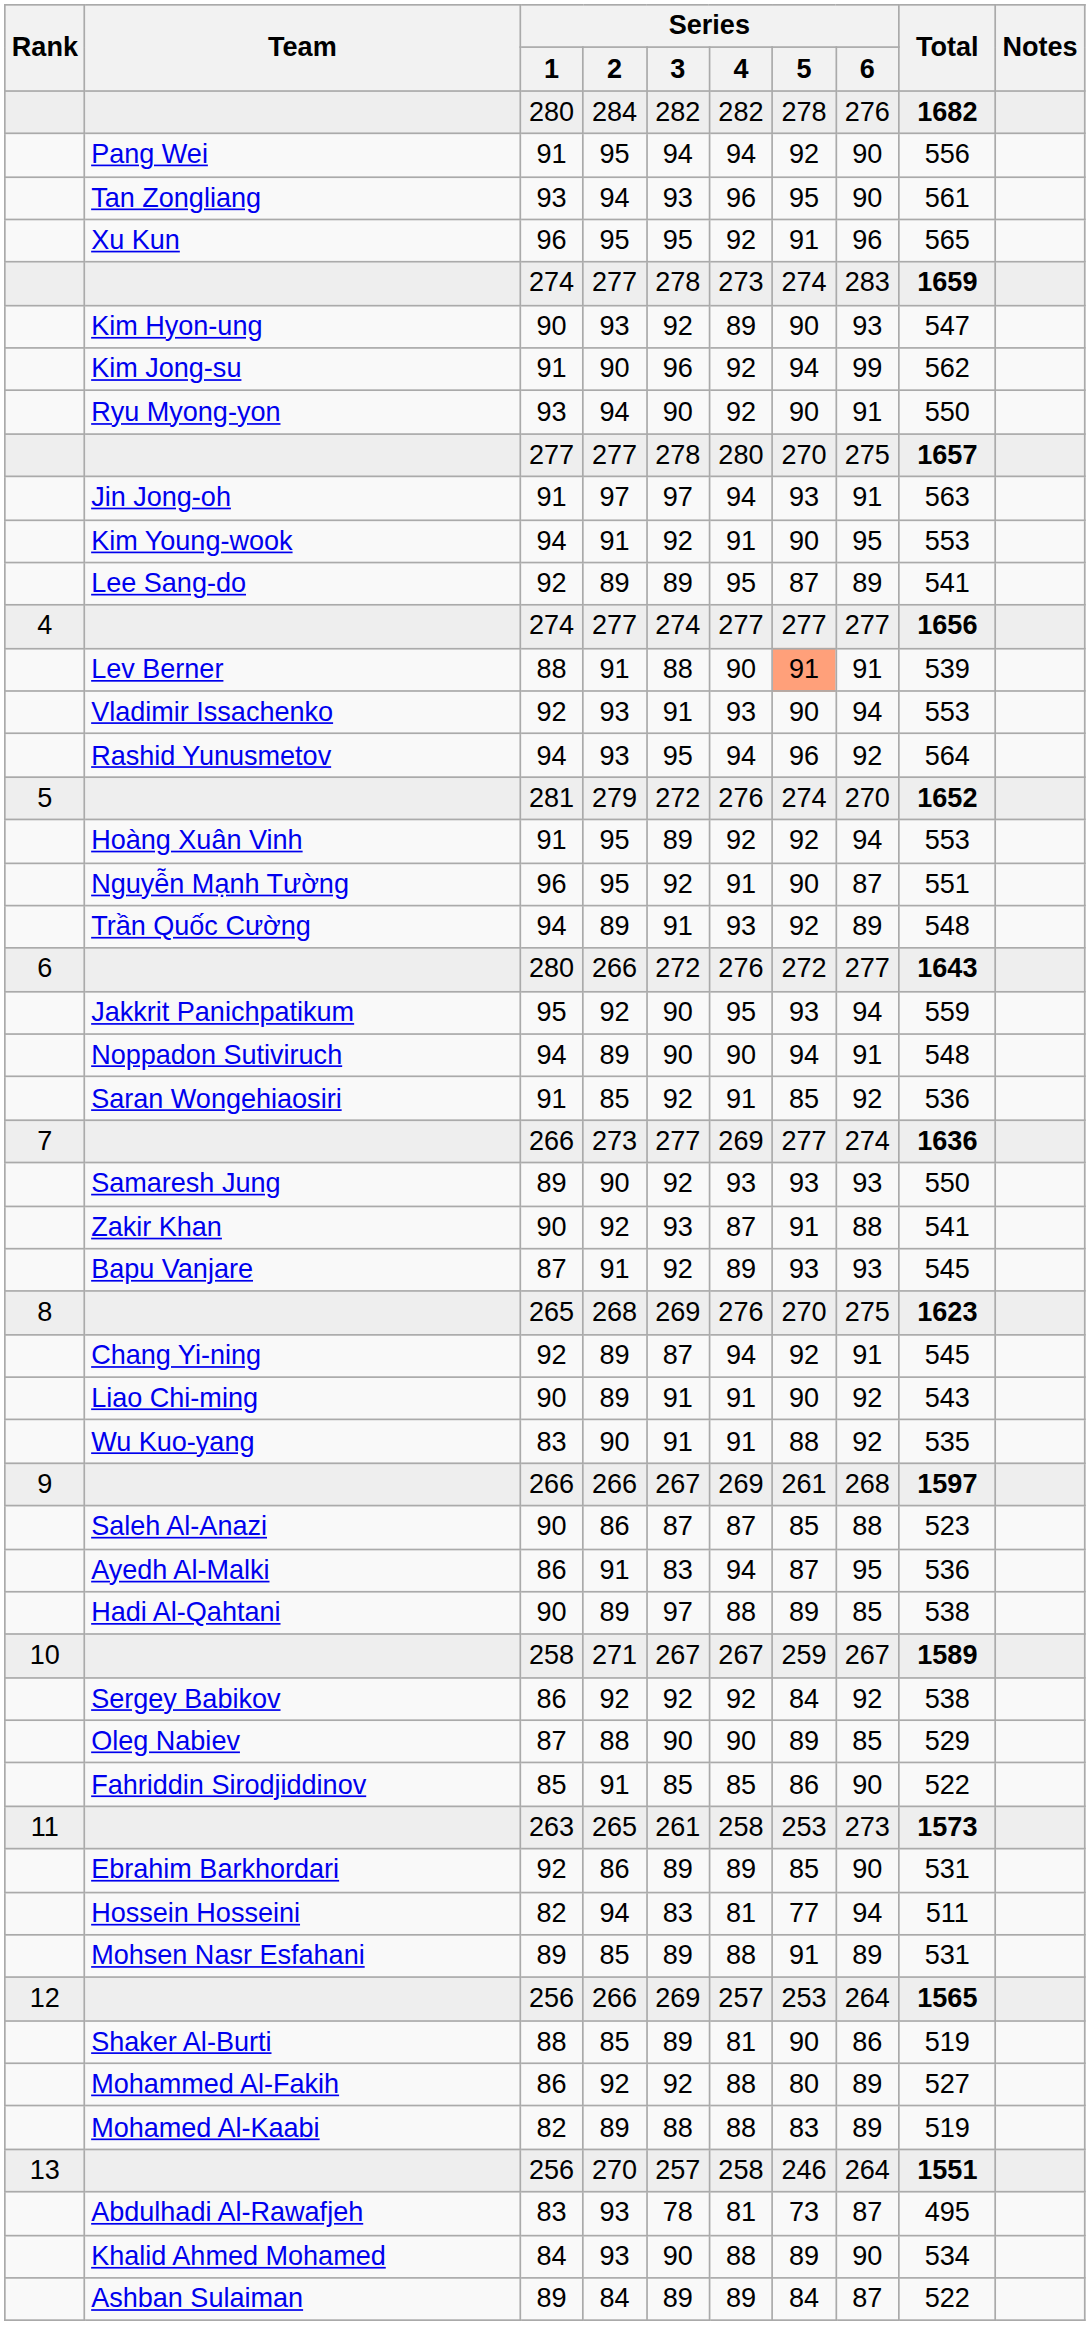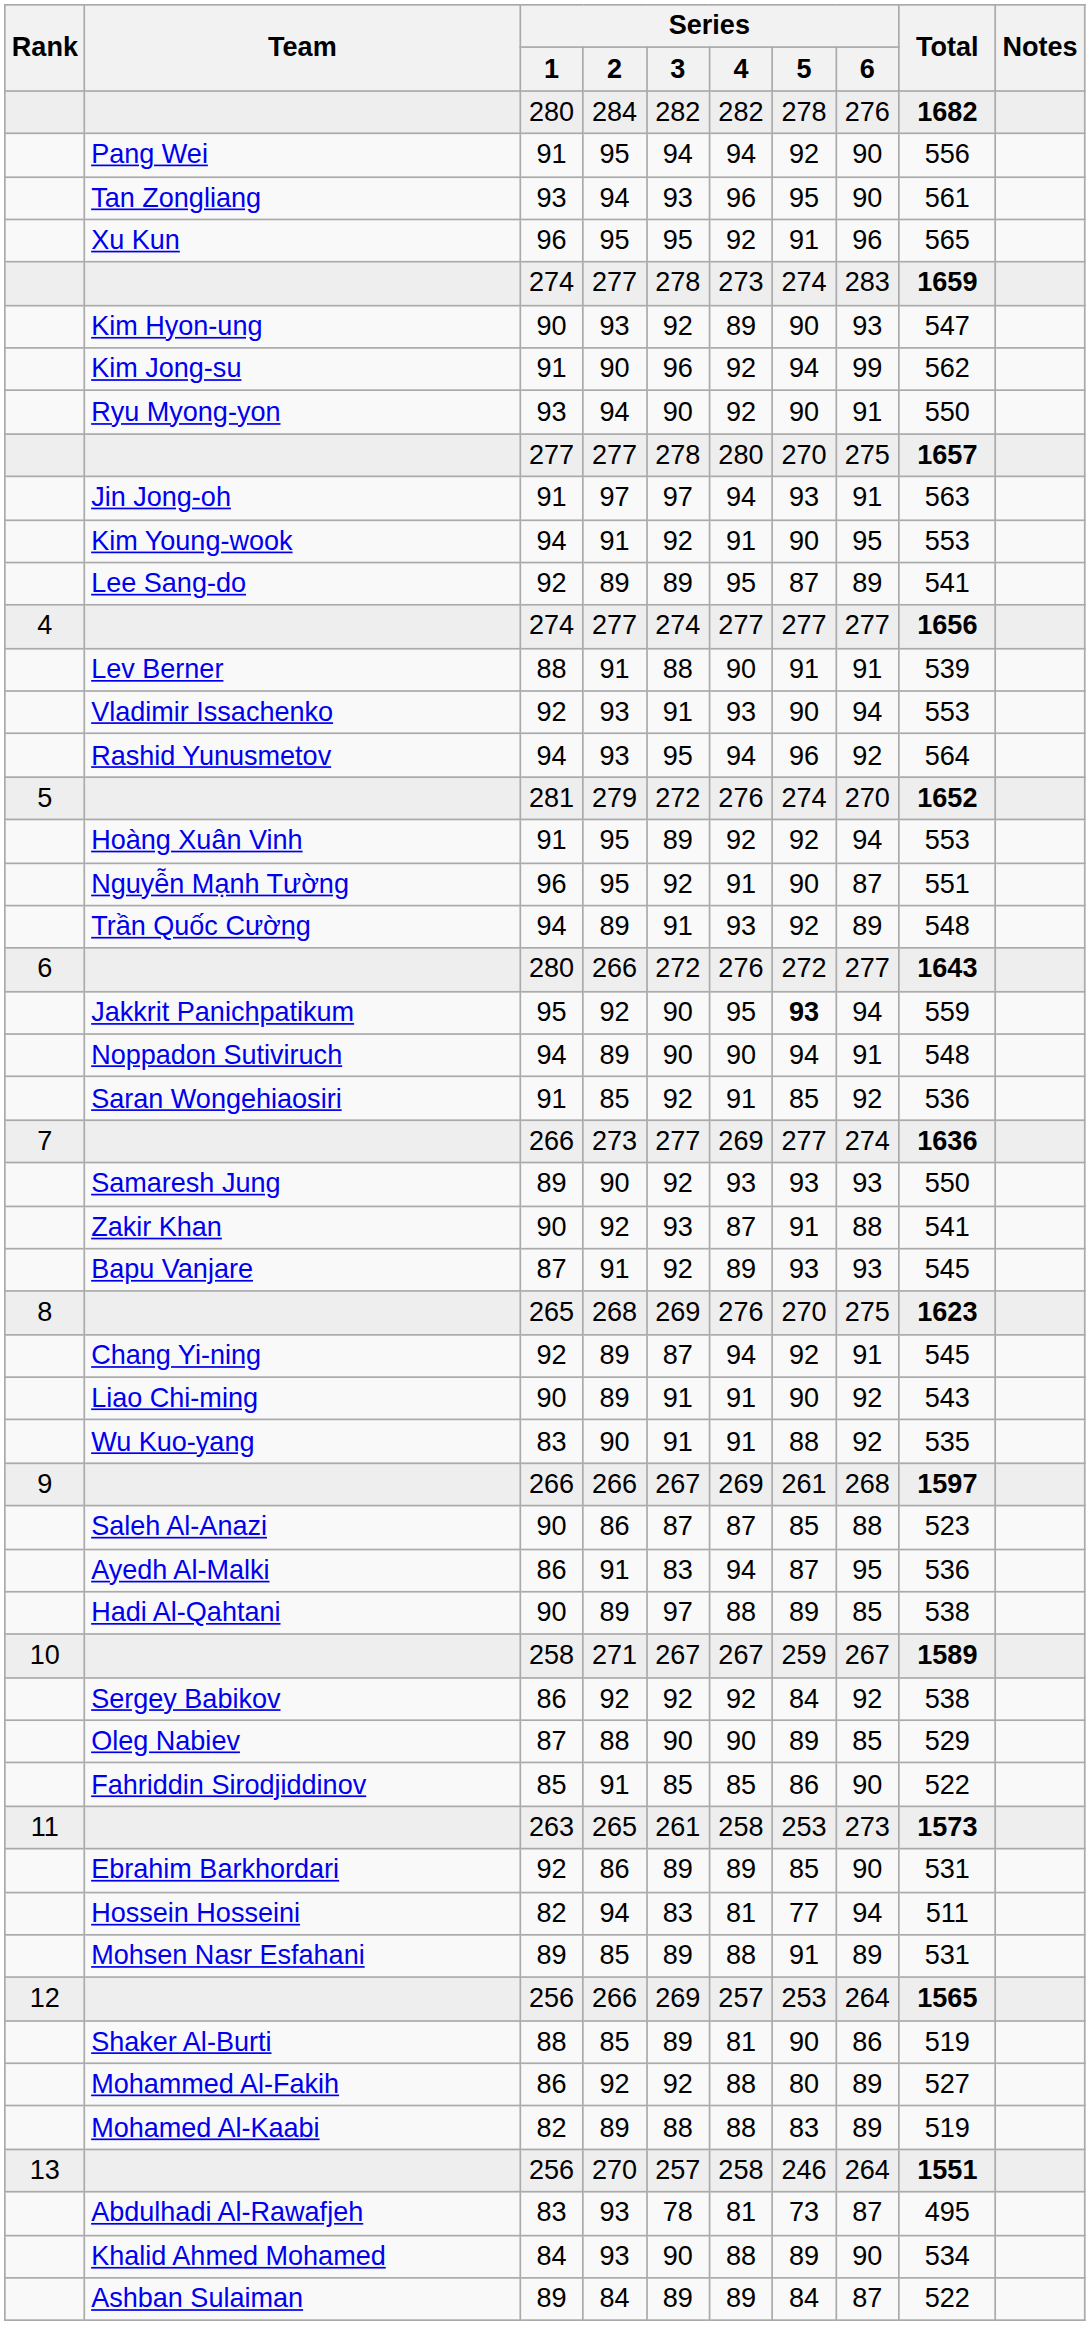 <table class="wikitable" style="text-align:center">
 <tr>
 <th rowspan=2 width=40>Rank</th>
 <th rowspan=2 width=250>Team</th>
 <th colspan=6>Series</th>
 <th rowspan=2 width=50>Total</th>
 <th rowspan=2 width=45>Notes</th>
 </tr>
 <tr>
 <th width=30>1</th>
 <th width=30>2</th>
 <th width=30>3</th>
 <th width=30>4</th>
 <th width=30>5</th>
 <th width=30>6</th>
 </tr>
 <tr bgcolor=eeeeee>
 <td></td>
 <td align=left></td>
 <td>280</td>
 <td>284</td>
 <td>282</td>
 <td>282</td>
 <td>278</td>
 <td>276</td>
 <td><strong>1682</strong></td>
 <td></td>
 </tr>
 <tr>
 <td></td>
 <td align=left><a href='#'>Pang Wei</a></td>
 <td>91</td>
 <td>95</td>
 <td>94</td>
 <td>94</td>
 <td>92</td>
 <td>90</td>
 <td>556</td>
 <td></td>
 </tr>
 <tr>
 <td></td>
 <td align=left><a href='#'>Tan Zongliang</a></td>
 <td>93</td>
 <td>94</td>
 <td>93</td>
 <td>96</td>
 <td>95</td>
 <td>90</td>
 <td>561</td>
 <td></td>
 </tr>
 <tr>
 <td></td>
 <td align=left><a href='#'>Xu Kun</a></td>
 <td>96</td>
 <td>95</td>
 <td>95</td>
 <td>92</td>
 <td>91</td>
 <td>96</td>
 <td>565</td>
 <td></td>
 </tr>
 <tr bgcolor=eeeeee>
 <td></td>
 <td align=left></td>
 <td>274</td>
 <td>277</td>
 <td>278</td>
 <td>273</td>
 <td>274</td>
 <td>283</td>
 <td><strong>1659</strong></td>
 <td></td>
 </tr>
 <tr>
 <td></td>
 <td align=left><a href='#'>Kim Hyon-ung</a></td>
 <td>90</td>
 <td>93</td>
 <td>92</td>
 <td>89</td>
 <td>90</td>
 <td>93</td>
 <td>547</td>
 <td></td>
 </tr>
 <tr>
 <td></td>
 <td align=left><a href='#'>Kim Jong-su</a></td>
 <td>91</td>
 <td>90</td>
 <td>96</td>
 <td>92</td>
 <td>94</td>
 <td>99</td>
 <td>562</td>
 <td></td>
 </tr>
 <tr>
 <td></td>
 <td align=left><a href='#'>Ryu Myong-yon</a></td>
 <td>93</td>
 <td>94</td>
 <td>90</td>
 <td>92</td>
 <td>90</td>
 <td>91</td>
 <td>550</td>
 <td></td>
 </tr>
 <tr bgcolor=eeeeee>
 <td></td>
 <td align=left></td>
 <td>277</td>
 <td>277</td>
 <td>278</td>
 <td>280</td>
 <td>270</td>
 <td>275</td>
 <td><strong>1657</strong></td>
 <td></td>
 </tr>
 <tr>
 <td></td>
 <td align=left><a href='#'>Jin Jong-oh</a></td>
 <td>91</td>
 <td>97</td>
 <td>97</td>
 <td>94</td>
 <td>93</td>
 <td>91</td>
 <td>563</td>
 <td></td>
 </tr>
 <tr>
 <td></td>
 <td align=left><a href='#'>Kim Young-wook</a></td>
 <td>94</td>
 <td>91</td>
 <td>92</td>
 <td>91</td>
 <td>90</td>
 <td>95</td>
 <td>553</td>
 <td></td>
 </tr>
 <tr>
 <td></td>
 <td align=left><a href='#'>Lee Sang-do</a></td>
 <td>92</td>
 <td>89</td>
 <td>89</td>
 <td>95</td>
 <td>87</td>
 <td>89</td>
 <td>541</td>
 <td></td>
 </tr>
 <tr bgcolor=eeeeee>
 <td>4</td>
 <td align=left></td>
 <td>274</td>
 <td>277</td>
 <td>274</td>
 <td>277</td>
 <td>277</td>
 <td>277</td>
 <td><strong>1656</strong></td>
 <td></td>
 </tr>
 <tr>
 <td></td>
 <td align=left><a href='#'>Lev Berner</a></td>
 <td>88</td>
 <td>91</td>
 <td>88</td>
 <td>90</td>
-<td style="background: lightsalmon;">91</td>
+<td>91</td>
 <td>91</td>
 <td>539</td>
 <td></td>
 </tr>
 <tr>
 <td></td>
 <td align=left><a href='#'>Vladimir Issachenko</a></td>
 <td>92</td>
 <td>93</td>
 <td>91</td>
 <td>93</td>
 <td>90</td>
 <td>94</td>
 <td>553</td>
 <td></td>
 </tr>
 <tr>
 <td></td>
 <td align=left><a href='#'>Rashid Yunusmetov</a></td>
 <td>94</td>
 <td>93</td>
 <td>95</td>
 <td>94</td>
 <td>96</td>
 <td>92</td>
 <td>564</td>
 <td></td>
 </tr>
 <tr bgcolor=eeeeee>
 <td>5</td>
 <td align=left></td>
 <td>281</td>
 <td>279</td>
 <td>272</td>
 <td>276</td>
 <td>274</td>
 <td>270</td>
 <td><strong>1652</strong></td>
 <td></td>
 </tr>
 <tr>
 <td></td>
 <td align=left><a href='#'>Hoàng Xuân Vinh</a></td>
 <td>91</td>
 <td>95</td>
 <td>89</td>
 <td>92</td>
 <td>92</td>
 <td>94</td>
 <td>553</td>
 <td></td>
 </tr>
 <tr>
 <td></td>
 <td align=left><a href='#'>Nguyễn Mạnh Tường</a></td>
 <td>96</td>
 <td>95</td>
 <td>92</td>
 <td>91</td>
 <td>90</td>
 <td>87</td>
 <td>551</td>
 <td></td>
 </tr>
 <tr>
 <td></td>
 <td align=left><a href='#'>Trần Quốc Cường</a></td>
 <td>94</td>
 <td>89</td>
 <td>91</td>
 <td>93</td>
 <td>92</td>
 <td>89</td>
 <td>548</td>
 <td></td>
 </tr>
 <tr bgcolor=eeeeee>
 <td>6</td>
 <td align=left></td>
 <td>280</td>
 <td>266</td>
 <td>272</td>
 <td>276</td>
 <td>272</td>
 <td>277</td>
 <td><strong>1643</strong></td>
 <td></td>
 </tr>
 <tr>
 <td></td>
 <td align=left><a href='#'>Jakkrit Panichpatikum</a></td>
 <td>95</td>
 <td>92</td>
 <td>90</td>
 <td>95</td>
-<td>93</td>
+<td><strong>93</strong></td>
 <td>94</td>
 <td>559</td>
 <td></td>
 </tr>
 <tr>
 <td></td>
 <td align=left><a href='#'>Noppadon Sutiviruch</a></td>
 <td>94</td>
 <td>89</td>
 <td>90</td>
 <td>90</td>
 <td>94</td>
 <td>91</td>
 <td>548</td>
 <td></td>
 </tr>
 <tr>
 <td></td>
 <td align=left><a href='#'>Saran Wongehiaosiri</a></td>
 <td>91</td>
 <td>85</td>
 <td>92</td>
 <td>91</td>
 <td>85</td>
 <td>92</td>
 <td>536</td>
 <td></td>
 </tr>
 <tr bgcolor=eeeeee>
 <td>7</td>
 <td align=left></td>
 <td>266</td>
 <td>273</td>
 <td>277</td>
 <td>269</td>
 <td>277</td>
 <td>274</td>
 <td><strong>1636</strong></td>
 <td></td>
 </tr>
 <tr>
 <td></td>
 <td align=left><a href='#'>Samaresh Jung</a></td>
 <td>89</td>
 <td>90</td>
 <td>92</td>
 <td>93</td>
 <td>93</td>
 <td>93</td>
 <td>550</td>
 <td></td>
 </tr>
 <tr>
 <td></td>
 <td align=left><a href='#'>Zakir Khan</a></td>
 <td>90</td>
 <td>92</td>
 <td>93</td>
 <td>87</td>
 <td>91</td>
 <td>88</td>
 <td>541</td>
 <td></td>
 </tr>
 <tr>
 <td></td>
 <td align=left><a href='#'>Bapu Vanjare</a></td>
 <td>87</td>
 <td>91</td>
 <td>92</td>
 <td>89</td>
 <td>93</td>
 <td>93</td>
 <td>545</td>
 <td></td>
 </tr>
 <tr bgcolor=eeeeee>
 <td>8</td>
 <td align=left></td>
 <td>265</td>
 <td>268</td>
 <td>269</td>
 <td>276</td>
 <td>270</td>
 <td>275</td>
 <td><strong>1623</strong></td>
 <td></td>
 </tr>
 <tr>
 <td></td>
 <td align=left><a href='#'>Chang Yi-ning</a></td>
 <td>92</td>
 <td>89</td>
 <td>87</td>
 <td>94</td>
 <td>92</td>
 <td>91</td>
 <td>545</td>
 <td></td>
 </tr>
 <tr>
 <td></td>
 <td align=left><a href='#'>Liao Chi-ming</a></td>
 <td>90</td>
 <td>89</td>
 <td>91</td>
 <td>91</td>
 <td>90</td>
 <td>92</td>
 <td>543</td>
 <td></td>
 </tr>
 <tr>
 <td></td>
 <td align=left><a href='#'>Wu Kuo-yang</a></td>
 <td>83</td>
 <td>90</td>
 <td>91</td>
 <td>91</td>
 <td>88</td>
 <td>92</td>
 <td>535</td>
 <td></td>
 </tr>
 <tr bgcolor=eeeeee>
 <td>9</td>
 <td align=left></td>
 <td>266</td>
 <td>266</td>
 <td>267</td>
 <td>269</td>
 <td>261</td>
 <td>268</td>
 <td><strong>1597</strong></td>
 <td></td>
 </tr>
 <tr>
 <td></td>
 <td align=left><a href='#'>Saleh Al-Anazi</a></td>
 <td>90</td>
 <td>86</td>
 <td>87</td>
 <td>87</td>
 <td>85</td>
 <td>88</td>
 <td>523</td>
 <td></td>
 </tr>
 <tr>
 <td></td>
 <td align=left><a href='#'>Ayedh Al-Malki</a></td>
 <td>86</td>
 <td>91</td>
 <td>83</td>
 <td>94</td>
 <td>87</td>
 <td>95</td>
 <td>536</td>
 <td></td>
 </tr>
 <tr>
 <td></td>
 <td align=left><a href='#'>Hadi Al-Qahtani</a></td>
 <td>90</td>
 <td>89</td>
 <td>97</td>
 <td>88</td>
 <td>89</td>
 <td>85</td>
 <td>538</td>
 <td></td>
 </tr>
 <tr bgcolor=eeeeee>
 <td>10</td>
 <td align=left></td>
 <td>258</td>
 <td>271</td>
 <td>267</td>
 <td>267</td>
 <td>259</td>
 <td>267</td>
 <td><strong>1589</strong></td>
 <td></td>
 </tr>
 <tr>
 <td></td>
 <td align=left><a href='#'>Sergey Babikov</a></td>
 <td>86</td>
 <td>92</td>
 <td>92</td>
 <td>92</td>
 <td>84</td>
 <td>92</td>
 <td>538</td>
 <td></td>
 </tr>
 <tr>
 <td></td>
 <td align=left><a href='#'>Oleg Nabiev</a></td>
 <td>87</td>
 <td>88</td>
 <td>90</td>
 <td>90</td>
 <td>89</td>
 <td>85</td>
 <td>529</td>
 <td></td>
 </tr>
 <tr>
 <td></td>
 <td align=left><a href='#'>Fahriddin Sirodjiddinov</a></td>
 <td>85</td>
 <td>91</td>
 <td>85</td>
 <td>85</td>
 <td>86</td>
 <td>90</td>
 <td>522</td>
 <td></td>
 </tr>
 <tr bgcolor=eeeeee>
 <td>11</td>
 <td align=left></td>
 <td>263</td>
 <td>265</td>
 <td>261</td>
 <td>258</td>
 <td>253</td>
 <td>273</td>
 <td><strong>1573</strong></td>
 <td></td>
 </tr>
 <tr>
 <td></td>
 <td align=left><a href='#'>Ebrahim Barkhordari</a></td>
 <td>92</td>
 <td>86</td>
 <td>89</td>
 <td>89</td>
 <td>85</td>
 <td>90</td>
 <td>531</td>
 <td></td>
 </tr>
 <tr>
 <td></td>
 <td align=left><a href='#'>Hossein Hosseini</a></td>
 <td>82</td>
 <td>94</td>
 <td>83</td>
 <td>81</td>
 <td>77</td>
 <td>94</td>
 <td>511</td>
 <td></td>
 </tr>
 <tr>
 <td></td>
 <td align=left><a href='#'>Mohsen Nasr Esfahani</a></td>
 <td>89</td>
 <td>85</td>
 <td>89</td>
 <td>88</td>
 <td>91</td>
 <td>89</td>
 <td>531</td>
 <td></td>
 </tr>
 <tr bgcolor=eeeeee>
 <td>12</td>
 <td align=left></td>
 <td>256</td>
 <td>266</td>
 <td>269</td>
 <td>257</td>
 <td>253</td>
 <td>264</td>
 <td><strong>1565</strong></td>
 <td></td>
 </tr>
 <tr>
 <td></td>
 <td align=left><a href='#'>Shaker Al-Burti</a></td>
 <td>88</td>
 <td>85</td>
 <td>89</td>
 <td>81</td>
 <td>90</td>
 <td>86</td>
 <td>519</td>
 <td></td>
 </tr>
 <tr>
 <td></td>
 <td align=left><a href='#'>Mohammed Al-Fakih</a></td>
 <td>86</td>
 <td>92</td>
 <td>92</td>
 <td>88</td>
 <td>80</td>
 <td>89</td>
 <td>527</td>
 <td></td>
 </tr>
 <tr>
 <td></td>
 <td align=left><a href='#'>Mohamed Al-Kaabi</a></td>
 <td>82</td>
 <td>89</td>
 <td>88</td>
 <td>88</td>
 <td>83</td>
 <td>89</td>
 <td>519</td>
 <td></td>
 </tr>
 <tr bgcolor=eeeeee>
 <td>13</td>
 <td align=left></td>
 <td>256</td>
 <td>270</td>
 <td>257</td>
 <td>258</td>
 <td>246</td>
 <td>264</td>
 <td><strong>1551</strong></td>
 <td></td>
 </tr>
 <tr>
 <td></td>
 <td align=left><a href='#'>Abdulhadi Al-Rawafjeh</a></td>
 <td>83</td>
 <td>93</td>
 <td>78</td>
 <td>81</td>
 <td>73</td>
 <td>87</td>
 <td>495</td>
 <td></td>
 </tr>
 <tr>
 <td></td>
 <td align=left><a href='#'>Khalid Ahmed Mohamed</a></td>
 <td>84</td>
 <td>93</td>
 <td>90</td>
 <td>88</td>
 <td>89</td>
 <td>90</td>
 <td>534</td>
 <td></td>
 </tr>
 <tr>
 <td></td>
 <td align=left><a href='#'>Ashban Sulaiman</a></td>
 <td>89</td>
 <td>84</td>
 <td>89</td>
 <td>89</td>
 <td>84</td>
 <td>87</td>
 <td>522</td>
 <td></td>
 </tr>
 </table>
